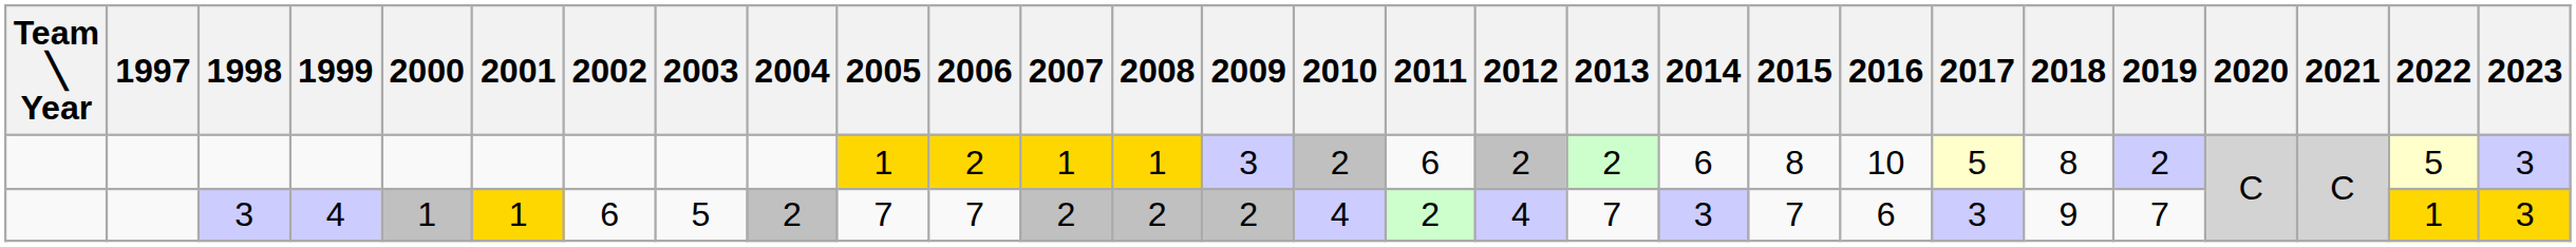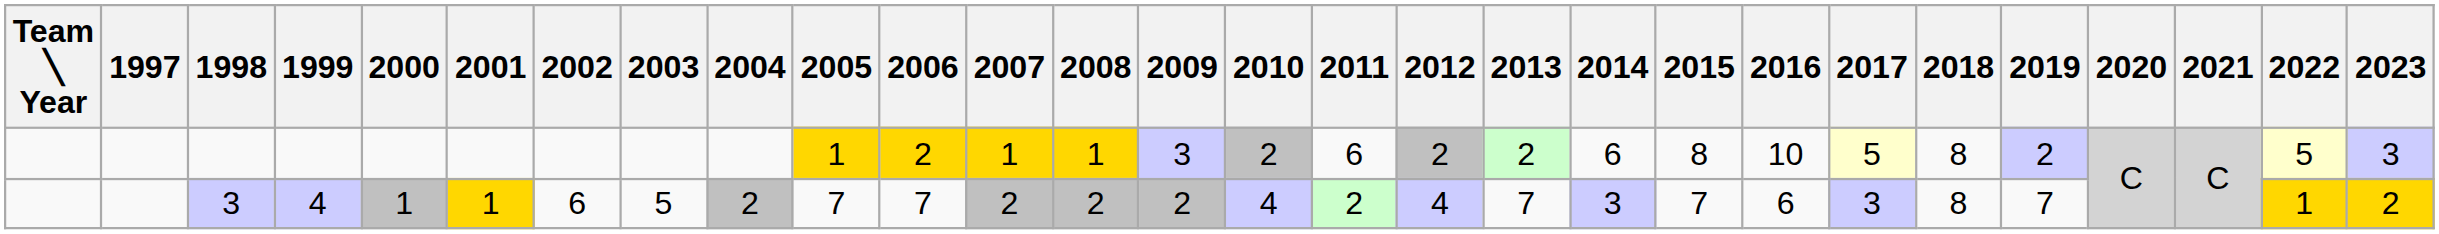 <table class=wikitable style="text-align:center; font-size:90%;">
 <tr>
 <th>Team ╲ Year</th>
 <th>1997</th>
 <th>1998</th>
 <th>1999</th>
 <th>2000</th>
 <th>2001</th>
 <th>2002</th>
 <th>2003</th>
 <th>2004</th>
 <th>2005</th>
 <th>2006</th>
 <th>2007</th>
 <th>2008</th>
 <th>2009</th>
 <th>2010</th>
 <th>2011</th>
 <th>2012</th>
 <th>2013</th>
 <th>2014</th>
 <th>2015</th>
 <th>2016</th>
 <th>2017</th>
 <th>2018</th>
 <th>2019</th>
 <th>2020</th>
 <th>2021</th>
 <th>2022</th>
 <th>2023</th>
 </tr>
 <tr>
 <td align=left><strong></strong></td>
 <td></td>
 <td></td>
 <td></td>
 <td></td>
 <td></td>
 <td></td>
 <td></td>
 <td></td>
 <td bgcolor=gold>1</td>
 <td bgcolor=gold>2</td>
 <td bgcolor=gold>1</td>
 <td bgcolor=gold>1</td>
 <td bgcolor=ccccff>3</td>
 <td bgcolor=silver>2</td>
 <td>6</td>
 <td bgcolor=silver>2</td>
 <td bgcolor=CCFFCC>2</td>
 <td>6</td>
 <td>8</td>
 <td>10</td>
 <td bgcolor=FFFFCC>5</td>
 <td>8</td>
 <td bgcolor=ccccff>2</td>
 <td bgcolor=D3D3D3 rowspan=2>C</td>
 <td bgcolor=D3D3D3 rowspan=2>C</td>
 <td bgcolor=FFFFCC>5</td>
 <td bgcolor=ccccff>3</td>
 </tr>
 <tr>
 <td align=left><strong></strong></td>
 <td></td>
 <td bgcolor=ccccff>3</td>
 <td bgcolor=ccccff>4</td>
 <td bgcolor=silver>1</td>
 <td bgcolor=gold>1</td>
 <td>6</td>
 <td>5</td>
 <td bgcolor=silver>2</td>
 <td>7</td>
 <td>7</td>
 <td bgcolor=silver>2</td>
 <td bgcolor=silver>2</td>
 <td bgcolor=silver>2</td>
 <td bgcolor=ccccff>4</td>
 <td bgcolor=CCFFCC>2</td>
 <td bgcolor=ccccff>4</td>
 <td>7</td>
 <td bgcolor=ccccff>3</td>
 <td>7</td>
 <td>6</td>
 <td bgcolor=ccccff>3</td>
-<td>9</td>
+<td>8</td>
 <td>7</td>
 <td bgcolor=gold>1</td>
-<td bgcolor=gold>3</td>
+<td bgcolor=gold>2</td>
 </tr>
 </table>
